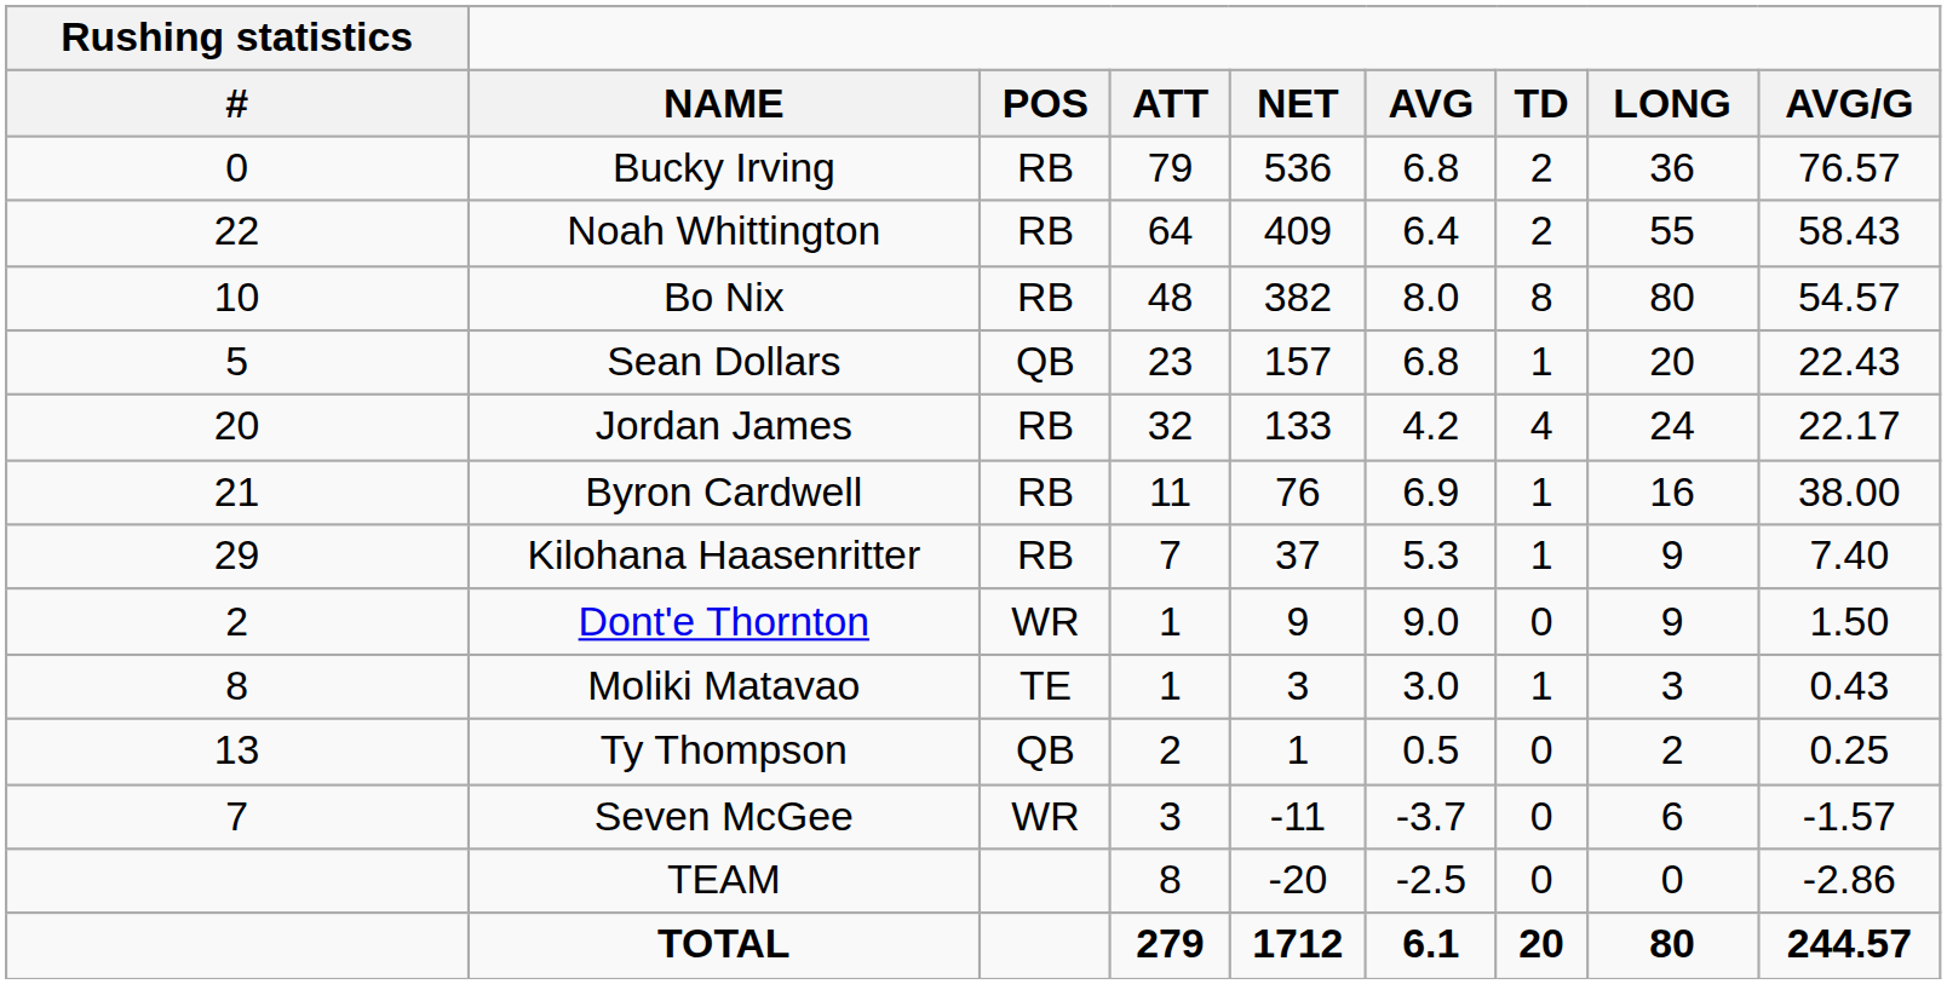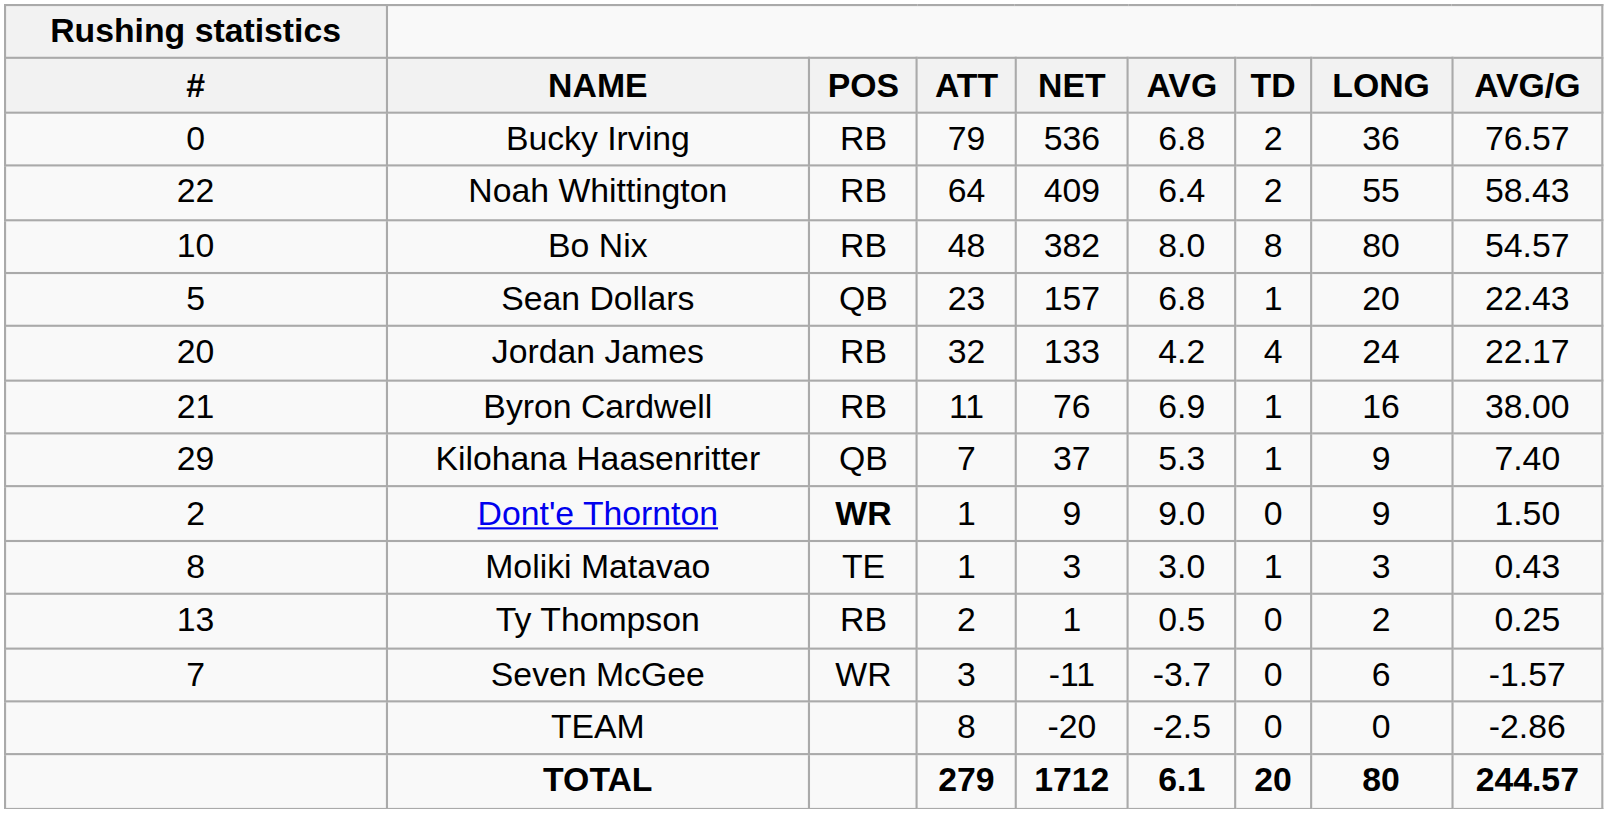 <table style="width:60%; text-align:center;" class="wikitable collapsible collapsed">
 <tr>
 <th style="text-align:center; ">Rushing statistics</th>
 </tr>
 <tr>
 <th>#</th>
 <th>NAME</th>
 <th>POS</th>
 <th>ATT</th>
 <th>NET</th>
 <th>AVG</th>
 <th>TD</th>
 <th>LONG</th>
 <th>AVG/G</th>
 </tr>
 <tr>
 <td>0</td>
 <td>Bucky Irving</td>
 <td>RB</td>
 <td>79</td>
 <td>536</td>
 <td>6.8</td>
 <td>2</td>
 <td>36</td>
 <td>76.57</td>
 </tr>
 <tr>
 <td>22</td>
 <td>Noah Whittington</td>
 <td>RB</td>
 <td>64</td>
 <td>409</td>
 <td>6.4</td>
 <td>2</td>
 <td>55</td>
 <td>58.43</td>
 </tr>
 <tr>
 <td>10</td>
 <td>Bo Nix</td>
 <td>RB</td>
 <td>48</td>
 <td>382</td>
 <td>8.0</td>
 <td>8</td>
 <td>80</td>
 <td>54.57</td>
 </tr>
 <tr>
 <td>5</td>
 <td>Sean Dollars</td>
 <td>QB</td>
 <td>23</td>
 <td>157</td>
 <td>6.8</td>
 <td>1</td>
 <td>20</td>
 <td>22.43</td>
 </tr>
 <tr>
 <td>20</td>
 <td>Jordan James</td>
 <td>RB</td>
 <td>32</td>
 <td>133</td>
 <td>4.2</td>
 <td>4</td>
 <td>24</td>
 <td>22.17</td>
 </tr>
 <tr>
 <td>21</td>
 <td>Byron Cardwell</td>
 <td>RB</td>
 <td>11</td>
 <td>76</td>
 <td>6.9</td>
 <td>1</td>
 <td>16</td>
 <td>38.00</td>
 </tr>
 <tr>
 <td>29</td>
 <td>Kilohana Haasenritter</td>
-<td>RB</td>
+<td>QB</td>
 <td>7</td>
 <td>37</td>
 <td>5.3</td>
 <td>1</td>
 <td>9</td>
 <td>7.40</td>
 </tr>
 <tr>
 <td>2</td>
 <td><a href='#'>Dont'e Thornton</a></td>
-<td>WR</td>
+<td><strong>WR</strong></td>
 <td>1</td>
 <td>9</td>
 <td>9.0</td>
 <td>0</td>
 <td>9</td>
 <td>1.50</td>
 </tr>
 <tr>
 <td>8</td>
 <td>Moliki Matavao</td>
 <td>TE</td>
 <td>1</td>
 <td>3</td>
 <td>3.0</td>
 <td>1</td>
 <td>3</td>
 <td>0.43</td>
 </tr>
 <tr>
 <td>13</td>
 <td>Ty Thompson</td>
-<td>QB</td>
+<td>RB</td>
 <td>2</td>
 <td>1</td>
 <td>0.5</td>
 <td>0</td>
 <td>2</td>
 <td>0.25</td>
 </tr>
 <tr>
 <td>7</td>
 <td>Seven McGee</td>
 <td>WR</td>
 <td>3</td>
 <td>-11</td>
 <td>-3.7</td>
 <td>0</td>
 <td>6</td>
 <td>-1.57</td>
 </tr>
 <tr>
 <td></td>
 <td>TEAM</td>
 <td></td>
 <td>8</td>
 <td>-20</td>
 <td>-2.5</td>
 <td>0</td>
 <td>0</td>
 <td>-2.86</td>
 </tr>
 <tr>
 <td></td>
 <td><strong>TOTAL</strong></td>
 <td></td>
 <td><strong>279</strong></td>
 <td><strong>1712</strong></td>
 <td><strong>6.1</strong></td>
 <td><strong>20</strong></td>
 <td><strong>80</strong></td>
 <td><strong>244.57</strong></td>
 </tr>
 </table>
